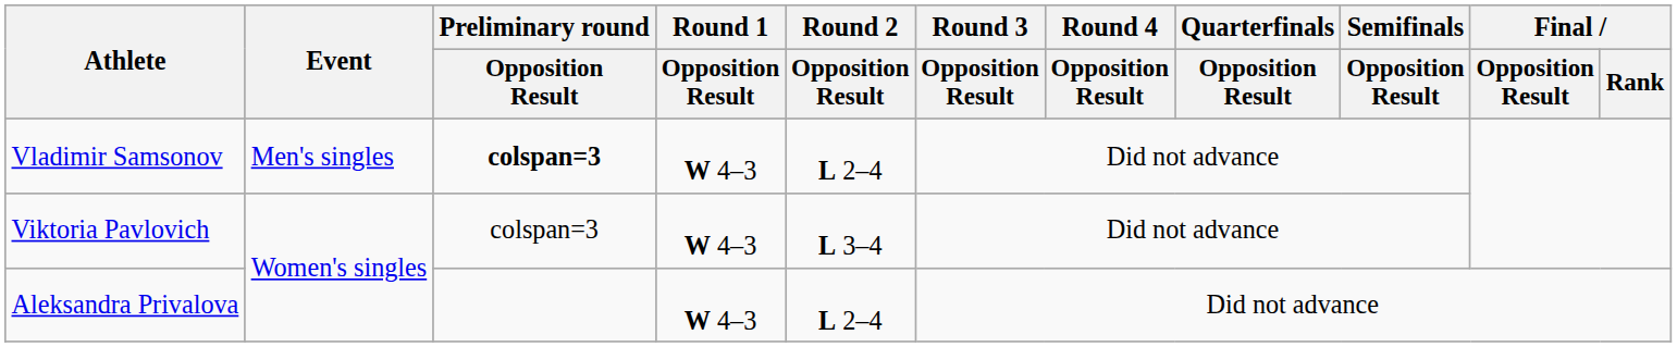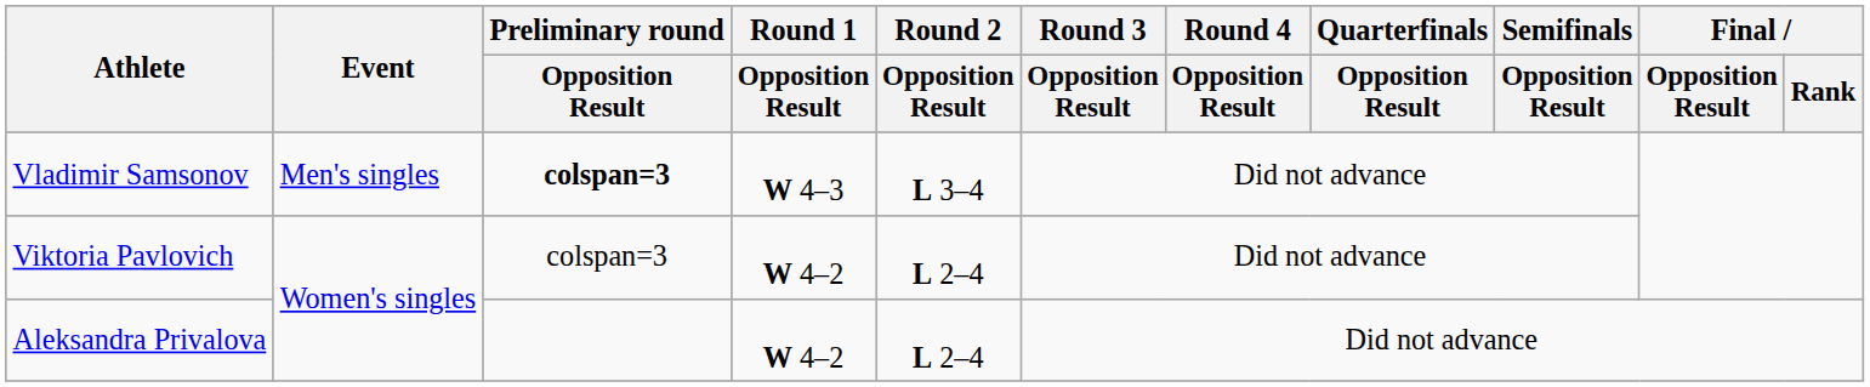 <table class="wikitable" style="font-size:90%">
 <tr>
 <th rowspan="2">Athlete</th>
 <th rowspan="2">Event</th>
 <th>Preliminary round</th>
 <th>Round 1</th>
 <th>Round 2</th>
 <th>Round 3</th>
 <th>Round 4</th>
 <th>Quarterfinals</th>
 <th>Semifinals</th>
 <th colspan=2>Final / </th>
 </tr>
 <tr style="font-size:95%">
 <th>Opposition<br>Result</th>
 <th>Opposition<br>Result</th>
 <th>Opposition<br>Result</th>
 <th>Opposition<br>Result</th>
 <th>Opposition<br>Result</th>
 <th>Opposition<br>Result</th>
 <th>Opposition<br>Result</th>
 <th>Opposition<br>Result</th>
 <th>Rank</th>
 </tr>
 <tr align=center>
 <td align=left><a href='#'>Vladimir Samsonov</a></td>
 <td align=left><a href='#'>Men's singles</a></td>
 <td><strong>colspan=3 </strong></td>
 <td><br><strong>W</strong> 4–3</td>
-<td><br><strong>L</strong> 2–4</td>
+<td><br><strong>L</strong> 3–4</td>
 <td colspan=4>Did not advance</td>
 </tr>
 <tr align=center>
 <td align=left><a href='#'>Viktoria Pavlovich</a></td>
 <td align=left rowspan=2><a href='#'>Women's singles</a></td>
 <td>colspan=3 </td>
-<td><br><strong>W</strong> 4–3</td>
-<td><br><strong>L</strong> 3–4</td>
+<td><br><strong>W</strong> 4–2</td>
+<td><br><strong>L</strong> 2–4</td>
 <td colspan=4>Did not advance</td>
 </tr>
 <tr align=center>
 <td align=left><a href='#'>Aleksandra Privalova</a></td>
 <td></td>
-<td><br><strong>W</strong> 4–3</td>
+<td><br><strong>W</strong> 4–2</td>
 <td><br><strong>L</strong> 2–4</td>
 <td colspan=6>Did not advance</td>
 </tr>
 </table>
